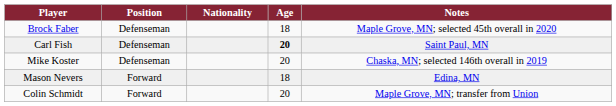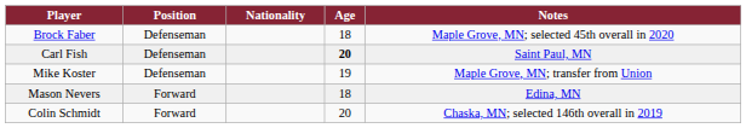 <table class="wikitable" width="60%">
 <tr>
 <th style="color:white; background:#862334; ">Player</th>
 <th style="color:white; background:#862334; ">Position</th>
 <th style="color:white; background:#862334; ">Nationality</th>
 <th style="color:white; background:#862334; ">Age</th>
 <th style="color:white; background:#862334; ">Notes</th>
 </tr>
 <tr align="center" bgcolor="">
 <td><a href='#'>Brock Faber</a></td>
 <td>Defenseman</td>
 <td></td>
 <td>18</td>
 <td><a href='#'>Maple Grove, MN</a>; selected 45th overall in <a href='#'>2020</a></td>
 </tr>
 <tr align="center" bgcolor="f0f0f0">
 <td>Carl Fish</td>
 <td>Defenseman</td>
 <td></td>
 <td><strong>20</strong></td>
 <td><a href='#'>Saint Paul, MN</a></td>
 </tr>
 <tr align="center" bgcolor="">
 <td>Mike Koster</td>
 <td>Defenseman</td>
 <td></td>
-<td>20</td>
-<td><a href='#'>Chaska, MN</a>; selected 146th overall in <a href='#'>2019</a></td>
+<td>19</td>
+<td><a href='#'>Maple Grove, MN</a>; transfer from <a href='#'>Union</a></td>
 </tr>
 <tr align="center" bgcolor="f0f0f0">
 <td>Mason Nevers</td>
 <td>Forward</td>
 <td></td>
 <td>18</td>
 <td><a href='#'>Edina, MN</a></td>
 </tr>
 <tr align="center" bgcolor="">
 <td>Colin Schmidt</td>
 <td>Forward</td>
 <td></td>
 <td>20</td>
-<td><a href='#'>Maple Grove, MN</a>; transfer from <a href='#'>Union</a></td>
+<td><a href='#'>Chaska, MN</a>; selected 146th overall in <a href='#'>2019</a></td>
 </tr>
 </table>
